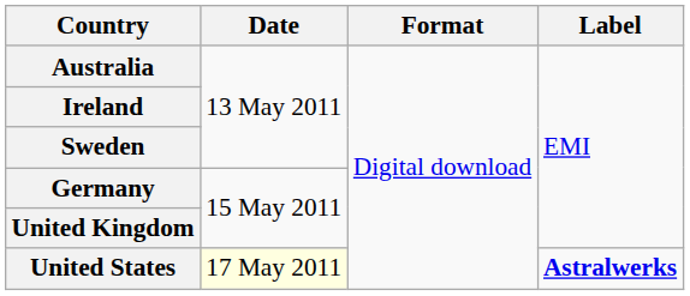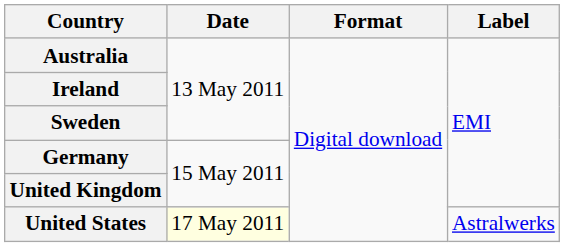 <table class="wikitable plainrowheaders">
 <tr>
 <th scope="col">Country</th>
 <th scope="col">Date</th>
 <th scope="col">Format</th>
 <th scope="col">Label</th>
 </tr>
 <tr>
 <th scope="row">Australia</th>
 <td rowspan="3">13 May 2011</td>
 <td rowspan="6"><a href='#'>Digital download</a></td>
 <td rowspan="5"><a href='#'>EMI</a></td>
 </tr>
 <tr>
 <th scope="row">Ireland</th>
 </tr>
 <tr>
 <th scope="row">Sweden</th>
 </tr>
 <tr>
 <th scope="row">Germany</th>
 <td rowspan="2">15 May 2011</td>
 </tr>
 <tr>
 <th scope="row">United Kingdom</th>
 </tr>
 <tr>
 <th scope="row">United States</th>
 <td style="background: lightyellow;">17 May 2011</td>
-<td><strong><a href='#'>Astralwerks</a></strong></td>
+<td><a href='#'>Astralwerks</a></td>
 </tr>
 </table>
